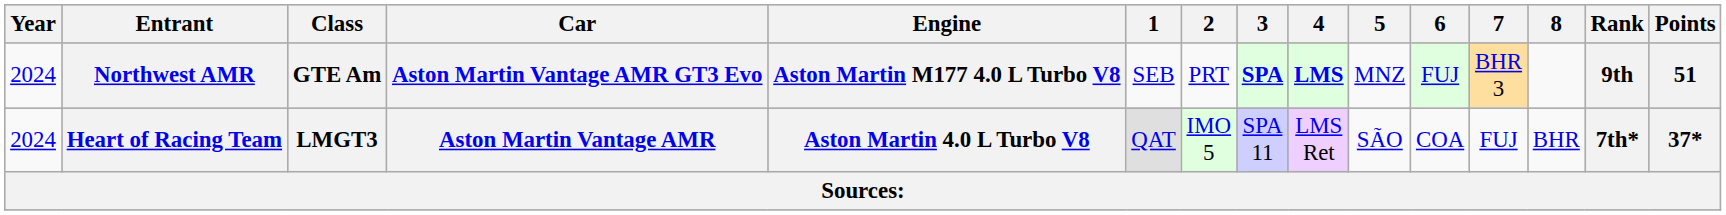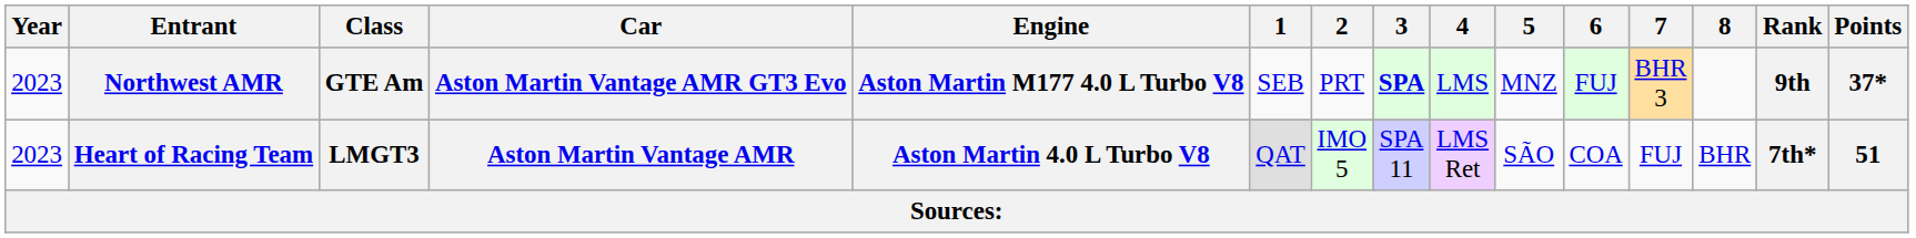 <table class="wikitable" style="text-align:center; font-size:90%">
 <tr>
 <th>Year</th>
 <th>Entrant</th>
 <th>Class</th>
 <th>Car</th>
 <th>Engine</th>
 <th>1</th>
 <th>2</th>
 <th>3</th>
 <th>4</th>
 <th>5</th>
 <th>6</th>
 <th>7</th>
 <th>8</th>
 <th>Rank</th>
 <th>Points</th>
 </tr>
 <tr>
-<td><a href='#'>2024</a></td>
+<td><a href='#'>2023</a></td>
 <th><a href='#'>Northwest AMR</a></th>
 <th>GTE Am</th>
 <th><a href='#'>Aston Martin Vantage AMR GT3 Evo</a></th>
 <th><a href='#'>Aston Martin</a> M177 4.0 L Turbo <a href='#'>V8</a></th>
 <td><a href='#'>SEB</a></td>
 <td><a href='#'>PRT</a></td>
 <td style="background:#dfffdf;"><strong><a href='#'>SPA</a><br></strong></td>
-<td style="background:#dfffdf;"><strong><a href='#'>LMS</a><br></strong></td>
+<td style="background:#dfffdf;"><a href='#'>LMS</a><br></td>
 <td><a href='#'>MNZ</a></td>
 <td style="background:#dfffdf;"><a href='#'>FUJ</a><br></td>
 <td style="background:#FFDF9F;”"><a href='#'>BHR</a><br>3</td>
 <td></td>
 <th>9th</th>
-<th>51</th>
+<th>37*</th>
 </tr>
 <tr>
-<td><a href='#'>2024</a></td>
+<td><a href='#'>2023</a></td>
 <th><a href='#'>Heart of Racing Team</a></th>
 <th>LMGT3</th>
 <th><a href='#'>Aston Martin Vantage AMR</a></th>
 <th><a href='#'>Aston Martin</a> 4.0 L Turbo <a href='#'>V8</a></th>
 <td style="background:#DFDFDF;"><a href='#'>QAT</a><br></td>
 <td style="background:#dfffdf;"><a href='#'>IMO</a><br>5</td>
 <td style="background:#CFCFFF;”"><a href='#'>SPA</a><br>11</td>
 <td style="background:#EFCFFF;"><a href='#'>LMS</a><br>Ret</td>
 <td style="background:#;"><a href='#'>SÃO</a></td>
 <td style="background:#;"><a href='#'>COA</a></td>
 <td style="background:#;"><a href='#'>FUJ</a></td>
 <td style="background:#;"><a href='#'>BHR</a></td>
 <th>7th*</th>
-<th>37*</th>
+<th>51</th>
 </tr>
 <tr>
 <th colspan="15">Sources:</th>
 </tr>
 </table>
